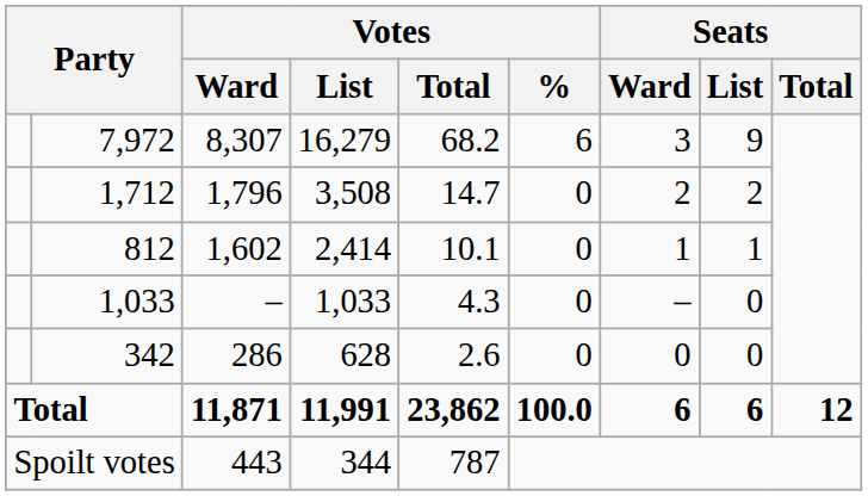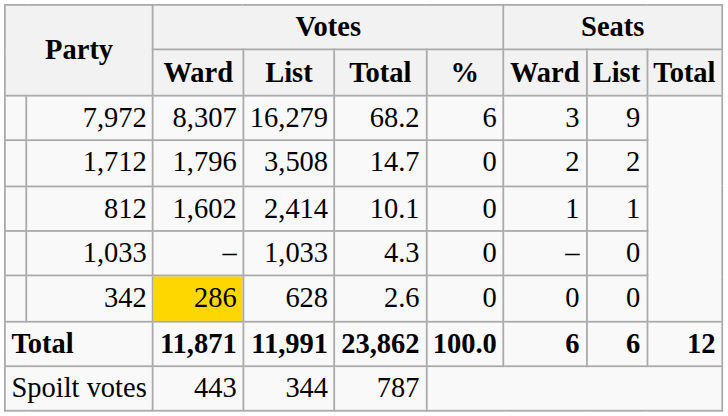 <table class=wikitable style="text-align:right">
 <tr>
 <th rowspan="2" colspan="2">Party</th>
 <th colspan="4" align="center">Votes</th>
 <th colspan="3" align="center">Seats</th>
 </tr>
 <tr>
 <th>Ward</th>
 <th>List</th>
 <th>Total</th>
 <th>%</th>
 <th>Ward</th>
 <th>List</th>
 <th>Total</th>
 </tr>
 <tr>
 <td></td>
 <td>7,972</td>
 <td>8,307</td>
 <td>16,279</td>
 <td>68.2</td>
 <td>6</td>
 <td>3</td>
 <td>9</td>
 </tr>
 <tr>
 <td></td>
 <td>1,712</td>
 <td>1,796</td>
 <td>3,508</td>
 <td>14.7</td>
 <td>0</td>
 <td>2</td>
 <td>2</td>
 </tr>
 <tr>
 <td></td>
 <td>812</td>
 <td>1,602</td>
 <td>2,414</td>
 <td>10.1</td>
 <td>0</td>
 <td>1</td>
 <td>1</td>
 </tr>
 <tr>
 <td></td>
 <td>1,033</td>
 <td>–</td>
 <td>1,033</td>
 <td>4.3</td>
 <td>0</td>
 <td>–</td>
 <td>0</td>
 </tr>
 <tr>
 <td></td>
 <td>342</td>
-<td>286</td>
+<td style="background: gold;">286</td>
 <td>628</td>
 <td>2.6</td>
 <td>0</td>
 <td>0</td>
 <td>0</td>
 </tr>
 <tr>
 <td colspan="2" style="text-align:left"><strong>Total</strong></td>
 <td><strong>11,871</strong></td>
 <td><strong>11,991</strong></td>
 <td><strong>23,862</strong></td>
 <td><strong>100.0</strong></td>
 <td><strong>6</strong></td>
 <td><strong>6</strong></td>
 <td><strong>12</strong></td>
 </tr>
 <tr>
 <td colspan="2" style="text-align:left">Spoilt votes</td>
 <td>443</td>
 <td>344</td>
 <td>787</td>
 </tr>
 </table>
